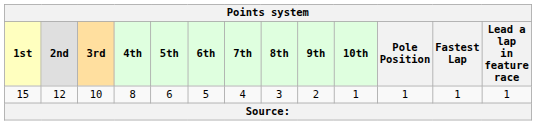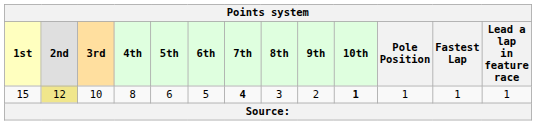 <table class="wikitable" style="font-size:95%; text-align:center">
 <tr>
 <th colspan="19">Points system</th>
 </tr>
 <tr>
 <td style="background:#ffffbf;"> <strong>1st</strong> </td>
 <td style="background:#dfdfdf;"> <strong>2nd</strong> </td>
 <td style="background:#ffdf9f;"> <strong>3rd</strong> </td>
 <td style="background:#dfffdf;"> <strong>4th</strong> </td>
 <td style="background:#dfffdf;"> <strong>5th</strong> </td>
 <td style="background:#dfffdf;"> <strong>6th</strong> </td>
 <td style="background:#dfffdf;"> <strong>7th</strong> </td>
 <td style="background:#dfffdf;"> <strong>8th</strong> </td>
 <td style="background:#dfffdf;"> <strong>9th</strong> </td>
 <td style="background:#dfffdf;"> <strong>10th</strong> </td>
 <th scope="col">Pole Position</th>
 <th scope="col">Fastest Lap</th>
 <th scope="col">Lead a lap<br>in feature race</th>
 </tr>
 <tr>
 <td>15</td>
-<td>12</td>
+<td style="background: khaki;">12</td>
 <td>10</td>
 <td>8</td>
 <td>6</td>
 <td>5</td>
-<td>4</td>
+<td><strong>4</strong></td>
 <td>3</td>
 <td>2</td>
-<td>1</td>
+<td><strong>1</strong></td>
 <td>1</td>
 <td>1</td>
 <td>1</td>
 </tr>
 <tr>
 <th colspan="14">Source:</th>
 </tr>
 </table>
